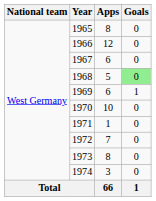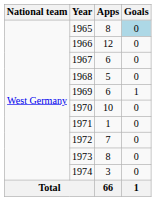 <table class="wikitable" style="text-align:center">
 <tr>
 <th>National team</th>
 <th>Year</th>
 <th>Apps</th>
 <th>Goals</th>
 </tr>
 <tr>
 <td rowspan="10"><a href='#'>West Germany</a></td>
 <td>1965</td>
 <td>8</td>
-<td>0</td>
+<td style="background: lightblue;">0</td>
 </tr>
 <tr>
 <td>1966</td>
 <td>12</td>
 <td>0</td>
 </tr>
 <tr>
 <td>1967</td>
 <td>6</td>
 <td>0</td>
 </tr>
 <tr>
 <td>1968</td>
 <td>5</td>
-<td style="background: lightgreen;">0</td>
+<td>0</td>
 </tr>
 <tr>
 <td>1969</td>
 <td>6</td>
 <td>1</td>
 </tr>
 <tr>
 <td>1970</td>
 <td>10</td>
 <td>0</td>
 </tr>
 <tr>
 <td>1971</td>
 <td>1</td>
 <td>0</td>
 </tr>
 <tr>
 <td>1972</td>
 <td>7</td>
 <td>0</td>
 </tr>
 <tr>
 <td>1973</td>
 <td>8</td>
 <td>0</td>
 </tr>
 <tr>
 <td>1974</td>
 <td>3</td>
 <td>0</td>
 </tr>
 <tr>
 <th colspan="2">Total</th>
 <th>66</th>
 <th>1</th>
 </tr>
 </table>
